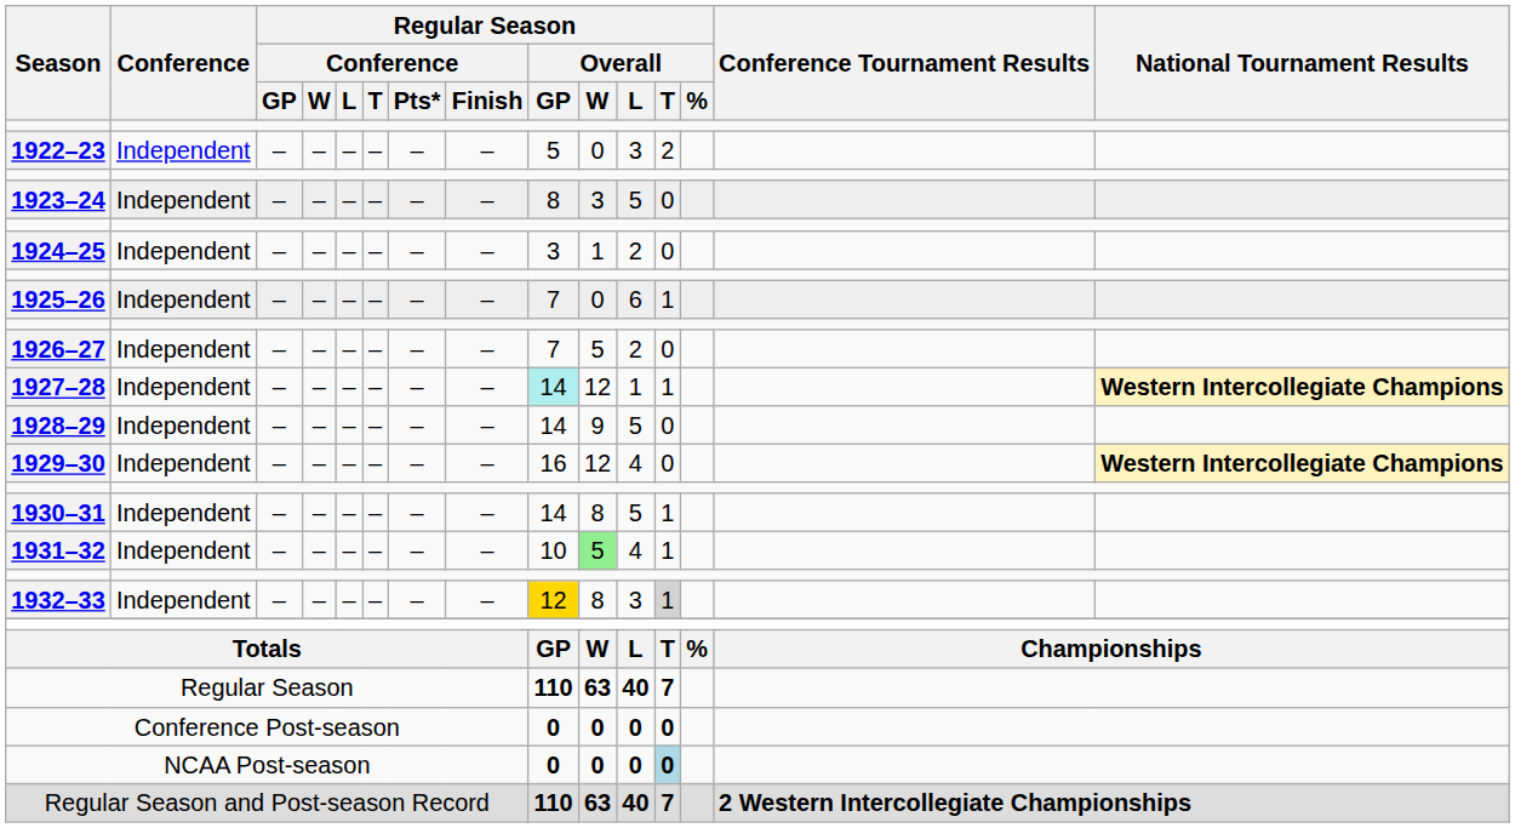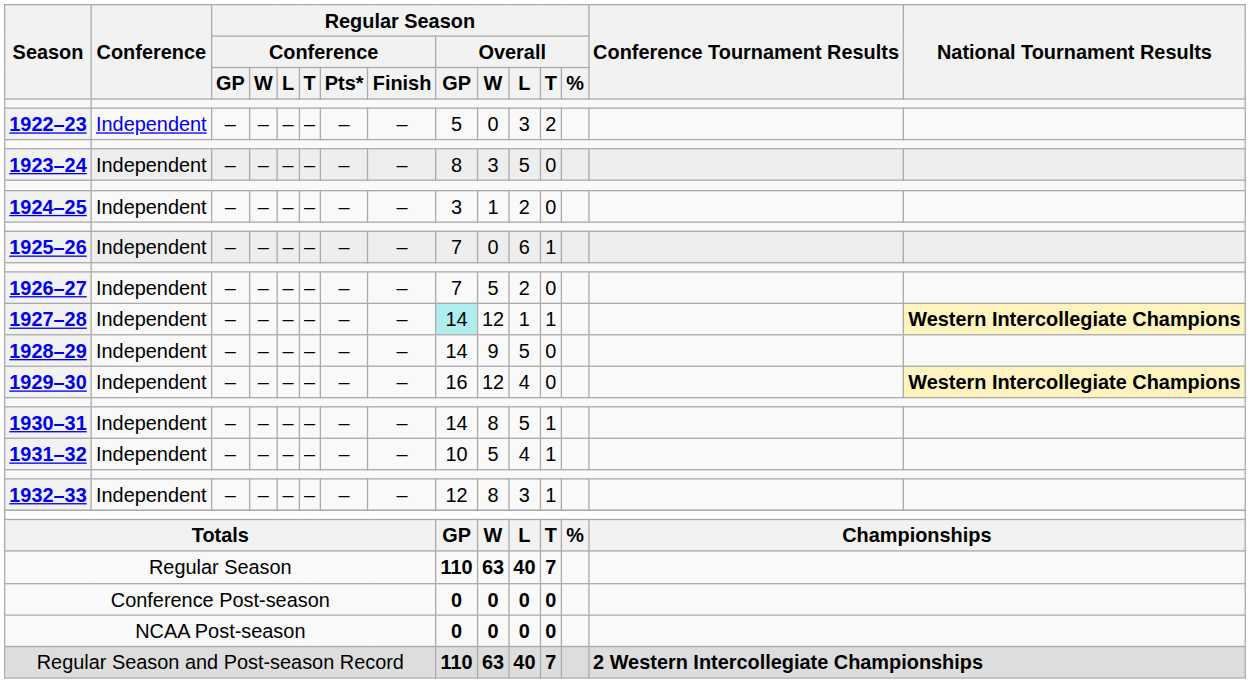 <table class="wikitable" style="text-align: center; font-size: 95%">
 <tr>
 <th rowspan="3">Season</th>
 <th rowspan="3">Conference</th>
 <th colspan="11">Regular Season</th>
 <th rowspan="3">Conference Tournament Results</th>
 <th rowspan="3">National Tournament Results</th>
 </tr>
 <tr>
 <th colspan="6">Conference</th>
 <th colspan="5">Overall</th>
 </tr>
 <tr>
 <th>GP</th>
 <th>W</th>
 <th>L</th>
 <th>T</th>
 <th>Pts*</th>
 <th>Finish</th>
 <th>GP</th>
 <th>W</th>
 <th>L</th>
 <th>T</th>
 <th>%</th>
 </tr>
 <tr>
 <td><a href='#'></a> </td>
 </tr>
 <tr>
 <th><a href='#'>1922–23</a></th>
 <td><a href='#'>Independent</a></td>
 <td>–</td>
 <td>–</td>
 <td>–</td>
 <td>–</td>
 <td>–</td>
 <td>–</td>
 <td>5</td>
 <td>0</td>
 <td>3</td>
 <td>2</td>
 <td></td>
 <td align="left"></td>
 <td align="left"></td>
 </tr>
 <tr>
 <td><a href='#'></a> </td>
 </tr>
 <tr bgcolor=eeeeee>
 <th><a href='#'>1923–24</a></th>
 <td>Independent</td>
 <td>–</td>
 <td>–</td>
 <td>–</td>
 <td>–</td>
 <td>–</td>
 <td>–</td>
 <td>8</td>
 <td>3</td>
 <td>5</td>
 <td>0</td>
 <td></td>
 <td align="left"></td>
 <td align="left"></td>
 </tr>
 <tr>
 <td><a href='#'></a> </td>
 </tr>
 <tr>
 <th><a href='#'>1924–25</a></th>
 <td>Independent</td>
 <td>–</td>
 <td>–</td>
 <td>–</td>
 <td>–</td>
 <td>–</td>
 <td>–</td>
 <td>3</td>
 <td>1</td>
 <td>2</td>
 <td>0</td>
 <td></td>
 <td align="left"></td>
 <td align="left"></td>
 </tr>
 <tr>
 <td><a href='#'></a> </td>
 </tr>
 <tr bgcolor=eeeeee>
 <th><a href='#'>1925–26</a></th>
 <td>Independent</td>
 <td>–</td>
 <td>–</td>
 <td>–</td>
 <td>–</td>
 <td>–</td>
 <td>–</td>
 <td>7</td>
 <td>0</td>
 <td>6</td>
 <td>1</td>
 <td></td>
 <td align="left"></td>
 <td align="left"></td>
 </tr>
 <tr>
 <td><a href='#'></a> </td>
 </tr>
 <tr>
 <th><a href='#'>1926–27</a></th>
 <td>Independent</td>
 <td>–</td>
 <td>–</td>
 <td>–</td>
 <td>–</td>
 <td>–</td>
 <td>–</td>
 <td>7</td>
 <td>5</td>
 <td>2</td>
 <td>0</td>
 <td></td>
 <td align="left"></td>
 <td align="left"></td>
 </tr>
 <tr>
 <th><a href='#'>1927–28</a></th>
 <td>Independent</td>
 <td>–</td>
 <td>–</td>
 <td>–</td>
 <td>–</td>
 <td>–</td>
 <td>–</td>
 <td style="background: paleturquoise;">14</td>
 <td>12</td>
 <td>1</td>
 <td>1</td>
 <td></td>
 <td align="left"></td>
 <td style="background: #FFF3BF;" align="left"><strong>Western Intercollegiate Champions</strong></td>
 </tr>
 <tr>
 <th><a href='#'>1928–29</a></th>
 <td>Independent</td>
 <td>–</td>
 <td>–</td>
 <td>–</td>
 <td>–</td>
 <td>–</td>
 <td>–</td>
 <td>14</td>
 <td>9</td>
 <td>5</td>
 <td>0</td>
 <td></td>
 <td align="left"></td>
 <td align="left"></td>
 </tr>
 <tr>
 <th><a href='#'>1929–30</a></th>
 <td>Independent</td>
 <td>–</td>
 <td>–</td>
 <td>–</td>
 <td>–</td>
 <td>–</td>
 <td>–</td>
 <td>16</td>
 <td>12</td>
 <td>4</td>
 <td>0</td>
 <td></td>
 <td align="left"></td>
 <td style="background: #FFF3BF;" align="left"><strong>Western Intercollegiate Champions</strong></td>
 </tr>
 <tr>
 <td><a href='#'></a> </td>
 </tr>
 <tr>
 <th><a href='#'>1930–31</a></th>
 <td>Independent</td>
 <td>–</td>
 <td>–</td>
 <td>–</td>
 <td>–</td>
 <td>–</td>
 <td>–</td>
 <td>14</td>
 <td>8</td>
 <td>5</td>
 <td>1</td>
 <td></td>
 <td align="left"></td>
 <td align="left"></td>
 </tr>
 <tr>
 <th><a href='#'>1931–32</a></th>
 <td>Independent</td>
 <td>–</td>
 <td>–</td>
 <td>–</td>
 <td>–</td>
 <td>–</td>
 <td>–</td>
 <td>10</td>
-<td style="background: lightgreen;">5</td>
+<td>5</td>
 <td>4</td>
 <td>1</td>
 <td></td>
 <td align="left"></td>
 <td align="left"></td>
 </tr>
 <tr>
 <td><a href='#'></a> </td>
 </tr>
 <tr>
 <th><a href='#'>1932–33</a></th>
 <td>Independent</td>
 <td>–</td>
 <td>–</td>
 <td>–</td>
 <td>–</td>
 <td>–</td>
 <td>–</td>
-<td style="background: gold;">12</td>
+<td>12</td>
 <td>8</td>
 <td>3</td>
-<td style="background: lightgrey;">1</td>
+<td>1</td>
 <td></td>
 <td align="left"></td>
 <td align="left"></td>
 </tr>
 <tr>
 </tr>
 <tr ->
 </tr>
 <tr>
 <td colspan="15" style="background:#fff;"></td>
 </tr>
 <tr>
 <th colspan="8">Totals</th>
 <th>GP</th>
 <th>W</th>
 <th>L</th>
 <th>T</th>
 <th>%</th>
 <th colspan="2">Championships</th>
 </tr>
 <tr>
 <td colspan="8">Regular Season</td>
 <td><strong>110</strong></td>
 <td><strong>63</strong></td>
 <td><strong>40</strong></td>
 <td><strong>7</strong></td>
 <td><strong></strong></td>
 <td colspan="2" align="left"></td>
 </tr>
 <tr>
 <td colspan="8">Conference Post-season</td>
 <td><strong>0</strong></td>
 <td><strong>0</strong></td>
 <td><strong>0</strong></td>
 <td><strong>0</strong></td>
 <td><strong></strong></td>
 <td colspan="2" align="left"></td>
 </tr>
 <tr>
 <td colspan="8">NCAA Post-season</td>
 <td><strong>0</strong></td>
 <td><strong>0</strong></td>
 <td><strong>0</strong></td>
-<td style="background: lightblue;"><strong>0</strong></td>
+<td><strong>0</strong></td>
 <td><strong></strong></td>
 <td colspan="2" align="left"></td>
 </tr>
 <tr bgcolor=dddddd>
 <td colspan="8">Regular Season and Post-season Record</td>
 <td><strong>110</strong></td>
 <td><strong>63</strong></td>
 <td><strong>40</strong></td>
 <td><strong>7</strong></td>
 <td><strong></strong></td>
 <td colspan="2" align="left"><strong>2 Western Intercollegiate Championships</strong></td>
 </tr>
 </table>
